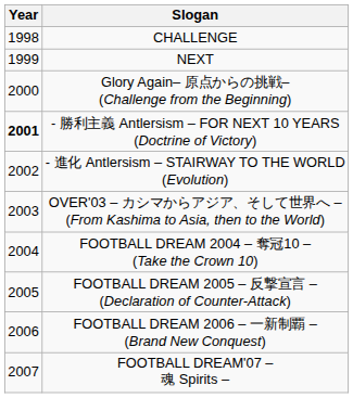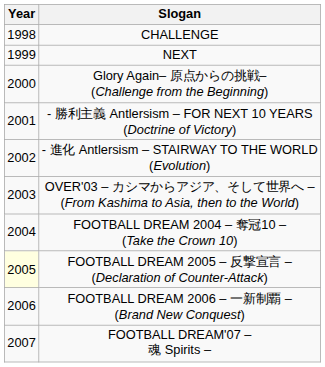 <table class="wikitable" style="text-align:center;">
 <tr>
 <th>Year</th>
 <th>Slogan</th>
 </tr>
 <tr>
 <td>1998</td>
 <td>CHALLENGE</td>
 </tr>
 <tr>
 <td>1999</td>
 <td>NEXT</td>
 </tr>
 <tr>
 <td>2000</td>
 <td>Glory Again– 原点からの挑戦–<br>(<em>Challenge from the Beginning</em>)</td>
 </tr>
 <tr>
-<td><strong>2001</strong></td>
+<td>2001</td>
 <td>- 勝利主義 Antlersism – FOR NEXT 10 YEARS<br>(<em>Doctrine of Victory</em>)</td>
 </tr>
 <tr>
 <td>2002</td>
 <td>- 進化 Antlersism – STAIRWAY TO THE WORLD<br>(<em>Evolution</em>)</td>
 </tr>
 <tr>
 <td>2003</td>
 <td>OVER'03 – カシマからアジア、そして世界へ –<br>(<em>From Kashima to Asia, then to the World</em>)</td>
 </tr>
 <tr>
 <td>2004</td>
 <td>FOOTBALL DREAM 2004 – 奪冠10 –<br>(<em>Take the Crown 10</em>)</td>
 </tr>
 <tr>
-<td>2005</td>
+<td style="background: lightyellow;">2005</td>
 <td>FOOTBALL DREAM 2005 – 反撃宣言 –<br>(<em>Declaration of Counter-Attack</em>)</td>
 </tr>
 <tr>
 <td>2006</td>
 <td>FOOTBALL DREAM 2006 – 一新制覇 –<br>(<em>Brand New Conquest</em>)</td>
 </tr>
 <tr>
 <td>2007</td>
 <td>FOOTBALL DREAM'07 –<br> 魂 Spirits –</td>
 </tr>
 </table>
